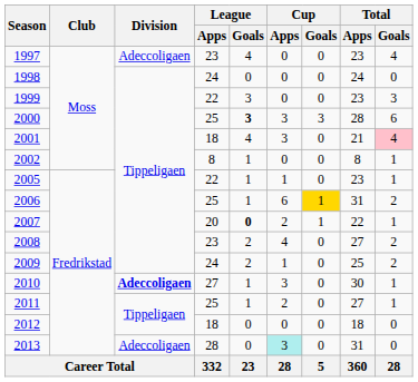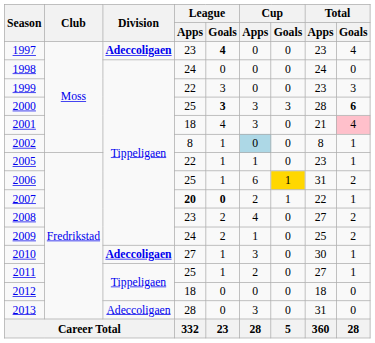 <table class="wikitable" style="text-align: center;">
 <tr>
 <th rowspan="2">Season</th>
 <th rowspan="2">Club</th>
 <th rowspan="2">Division</th>
 <th colspan="2">League</th>
 <th colspan="2">Cup</th>
 <th colspan="2">Total</th>
 </tr>
 <tr>
 <th>Apps</th>
 <th>Goals</th>
 <th>Apps</th>
 <th>Goals</th>
 <th>Apps</th>
 <th>Goals</th>
 </tr>
 <tr>
 <td><a href='#'>1997</a></td>
 <td rowspan="6" valign="center"><a href='#'>Moss</a></td>
-<td rowspan="1" valign="center"><a href='#'>Adeccoligaen</a></td>
+<td rowspan="1" valign="center"><strong><a href='#'>Adeccoligaen</a></strong></td>
 <td>23</td>
-<td>4</td>
+<td><strong>4</strong></td>
 <td>0</td>
 <td>0</td>
 <td>23</td>
 <td>4</td>
 </tr>
 <tr>
 <td><a href='#'>1998</a></td>
 <td rowspan="10" valign="center"><a href='#'>Tippeligaen</a></td>
 <td>24</td>
 <td>0</td>
 <td>0</td>
 <td>0</td>
 <td>24</td>
 <td>0</td>
 </tr>
 <tr>
 <td><a href='#'>1999</a></td>
 <td>22</td>
 <td>3</td>
 <td>0</td>
 <td>0</td>
 <td>23</td>
 <td>3</td>
 </tr>
 <tr>
 <td><a href='#'>2000</a></td>
 <td>25</td>
 <td><strong>3</strong></td>
 <td>3</td>
 <td>3</td>
 <td>28</td>
-<td>6</td>
+<td><strong>6</strong></td>
 </tr>
 <tr>
 <td><a href='#'>2001</a></td>
 <td>18</td>
 <td>4</td>
 <td>3</td>
 <td>0</td>
 <td>21</td>
 <td style="background: pink;">4</td>
 </tr>
 <tr>
 <td><a href='#'>2002</a></td>
 <td>8</td>
 <td>1</td>
-<td>0</td>
+<td style="background: lightblue;">0</td>
 <td>0</td>
 <td>8</td>
 <td>1</td>
 </tr>
 <tr>
 <td><a href='#'>2005</a></td>
 <td rowspan="9" valign="center"><a href='#'>Fredrikstad</a></td>
 <td>22</td>
 <td>1</td>
 <td>1</td>
 <td>0</td>
 <td>23</td>
 <td>1</td>
 </tr>
 <tr>
 <td><a href='#'>2006</a></td>
 <td>25</td>
 <td>1</td>
 <td>6</td>
 <td style="background: gold;">1</td>
 <td>31</td>
 <td>2</td>
 </tr>
 <tr>
 <td><a href='#'>2007</a></td>
-<td>20</td>
+<td><strong>20</strong></td>
 <td><strong>0</strong></td>
 <td>2</td>
 <td>1</td>
 <td>22</td>
 <td>1</td>
 </tr>
 <tr>
 <td><a href='#'>2008</a></td>
 <td>23</td>
 <td>2</td>
 <td>4</td>
 <td>0</td>
 <td>27</td>
 <td>2</td>
 </tr>
 <tr>
 <td><a href='#'>2009</a></td>
 <td>24</td>
 <td>2</td>
 <td>1</td>
 <td>0</td>
 <td>25</td>
 <td>2</td>
 </tr>
 <tr>
 <td><a href='#'>2010</a></td>
 <td rowspan="1" valign="center"><strong><a href='#'>Adeccoligaen</a></strong></td>
 <td>27</td>
 <td>1</td>
 <td>3</td>
 <td>0</td>
 <td>30</td>
 <td>1</td>
 </tr>
 <tr>
 <td><a href='#'>2011</a></td>
 <td rowspan="2" valign="center"><a href='#'>Tippeligaen</a></td>
 <td>25</td>
 <td>1</td>
 <td>2</td>
 <td>0</td>
 <td>27</td>
 <td>1</td>
 </tr>
 <tr>
 <td><a href='#'>2012</a></td>
 <td>18</td>
 <td>0</td>
 <td>0</td>
 <td>0</td>
 <td>18</td>
 <td>0</td>
 </tr>
 <tr>
 <td><a href='#'>2013</a></td>
 <td rowspan="1" valign="center"><a href='#'>Adeccoligaen</a></td>
 <td>28</td>
 <td>0</td>
-<td style="background: paleturquoise;">3</td>
+<td>3</td>
 <td>0</td>
 <td>31</td>
 <td>0</td>
 </tr>
 <tr>
 <th colspan="3">Career Total</th>
 <th>332</th>
 <th>23</th>
 <th>28</th>
 <th>5</th>
 <th>360</th>
 <th>28</th>
 </tr>
 </table>
